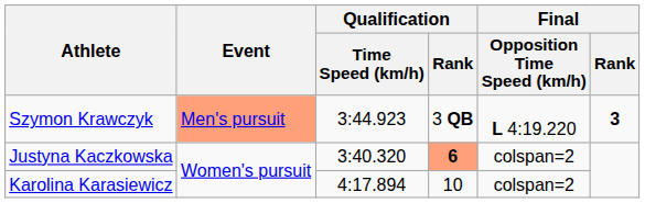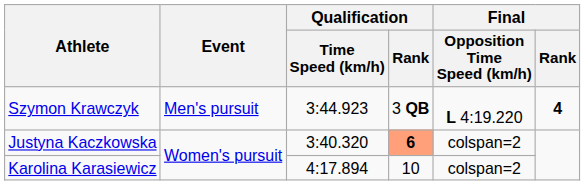 <table class="wikitable" style="font-size:90%">
 <tr>
 <th rowspan="2">Athlete</th>
 <th rowspan="2">Event</th>
 <th colspan=2>Qualification</th>
 <th colspan=2>Final</th>
 </tr>
 <tr style="font-size:95%">
 <th>Time<br>Speed (km/h)</th>
 <th>Rank</th>
 <th>Opposition<br>Time<br>Speed (km/h)</th>
 <th>Rank</th>
 </tr>
 <tr align=center>
 <td align=left><a href='#'>Szymon Krawczyk</a></td>
-<td align=left style="background: lightsalmon;"><a href='#'>Men's pursuit</a></td>
+<td align=left><a href='#'>Men's pursuit</a></td>
 <td>3:44.923</td>
 <td>3 <strong>QB</strong></td>
 <td><br><strong>L</strong> 4:19.220</td>
-<td><strong>3</strong></td>
+<td><strong>4</strong></td>
 </tr>
 <tr align=center>
 <td align=left><a href='#'>Justyna Kaczkowska</a></td>
 <td align=left rowspan=2><a href='#'>Women's pursuit</a></td>
 <td>3:40.320</td>
 <td style="background: lightsalmon;"><strong>6</strong></td>
 <td>colspan=2 </td>
 </tr>
 <tr align=center>
 <td align=left><a href='#'>Karolina Karasiewicz</a></td>
 <td>4:17.894</td>
 <td>10</td>
 <td>colspan=2 </td>
 </tr>
 </table>
